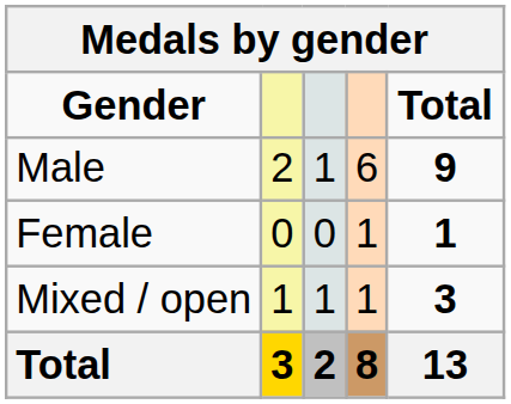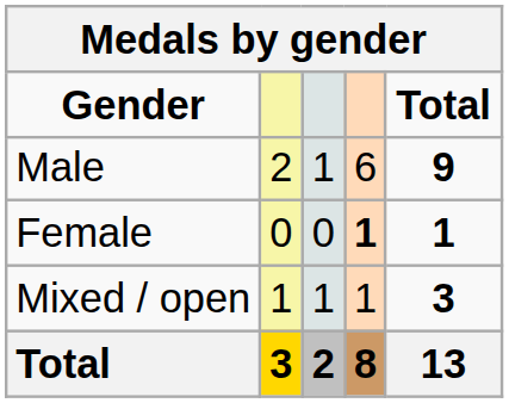 <table class="wikitable" style="text-align:center;font-size:90%">
 <tr style="background:#efefef;">
 <th colspan=7><strong>Medals by gender</strong></th>
 </tr>
 <tr>
 <td><strong>Gender</strong></td>
 <td bgcolor=#f7f6a8></td>
 <td bgcolor=#dce5e5></td>
 <td bgcolor=#ffdab9></td>
 <td><strong>Total</strong></td>
 </tr>
 <tr>
 <td style="text-align:left;">Male</td>
 <td style="background:#F7F6A8;">2</td>
 <td style="background:#DCE5E5;">1</td>
 <td style="background:#FFDAB9;">6</td>
 <td><strong>9</strong></td>
 </tr>
 <tr>
 <td style="text-align:left;">Female</td>
 <td style="background:#F7F6A8;">0</td>
 <td style="background:#DCE5E5;">0</td>
-<td style="background:#FFDAB9;">1</td>
+<td style="background:#FFDAB9;"><strong>1</strong></td>
 <td><strong>1</strong></td>
 </tr>
 <tr>
 <td style="text-align:left;">Mixed / open</td>
 <td style="background:#F7F6A8;">1</td>
 <td style="background:#DCE5E5;">1</td>
 <td style="background:#FFDAB9;">1</td>
 <td><strong>3</strong></td>
 </tr>
 <tr>
 <th style="text-align:left;"><strong>Total</strong></th>
 <th style="background:gold;"><strong>3</strong></th>
 <th style="background:silver;"><strong>2</strong></th>
 <th style="background:#c96;"><strong>8</strong></th>
 <th><strong>13</strong></th>
 </tr>
 </table>
